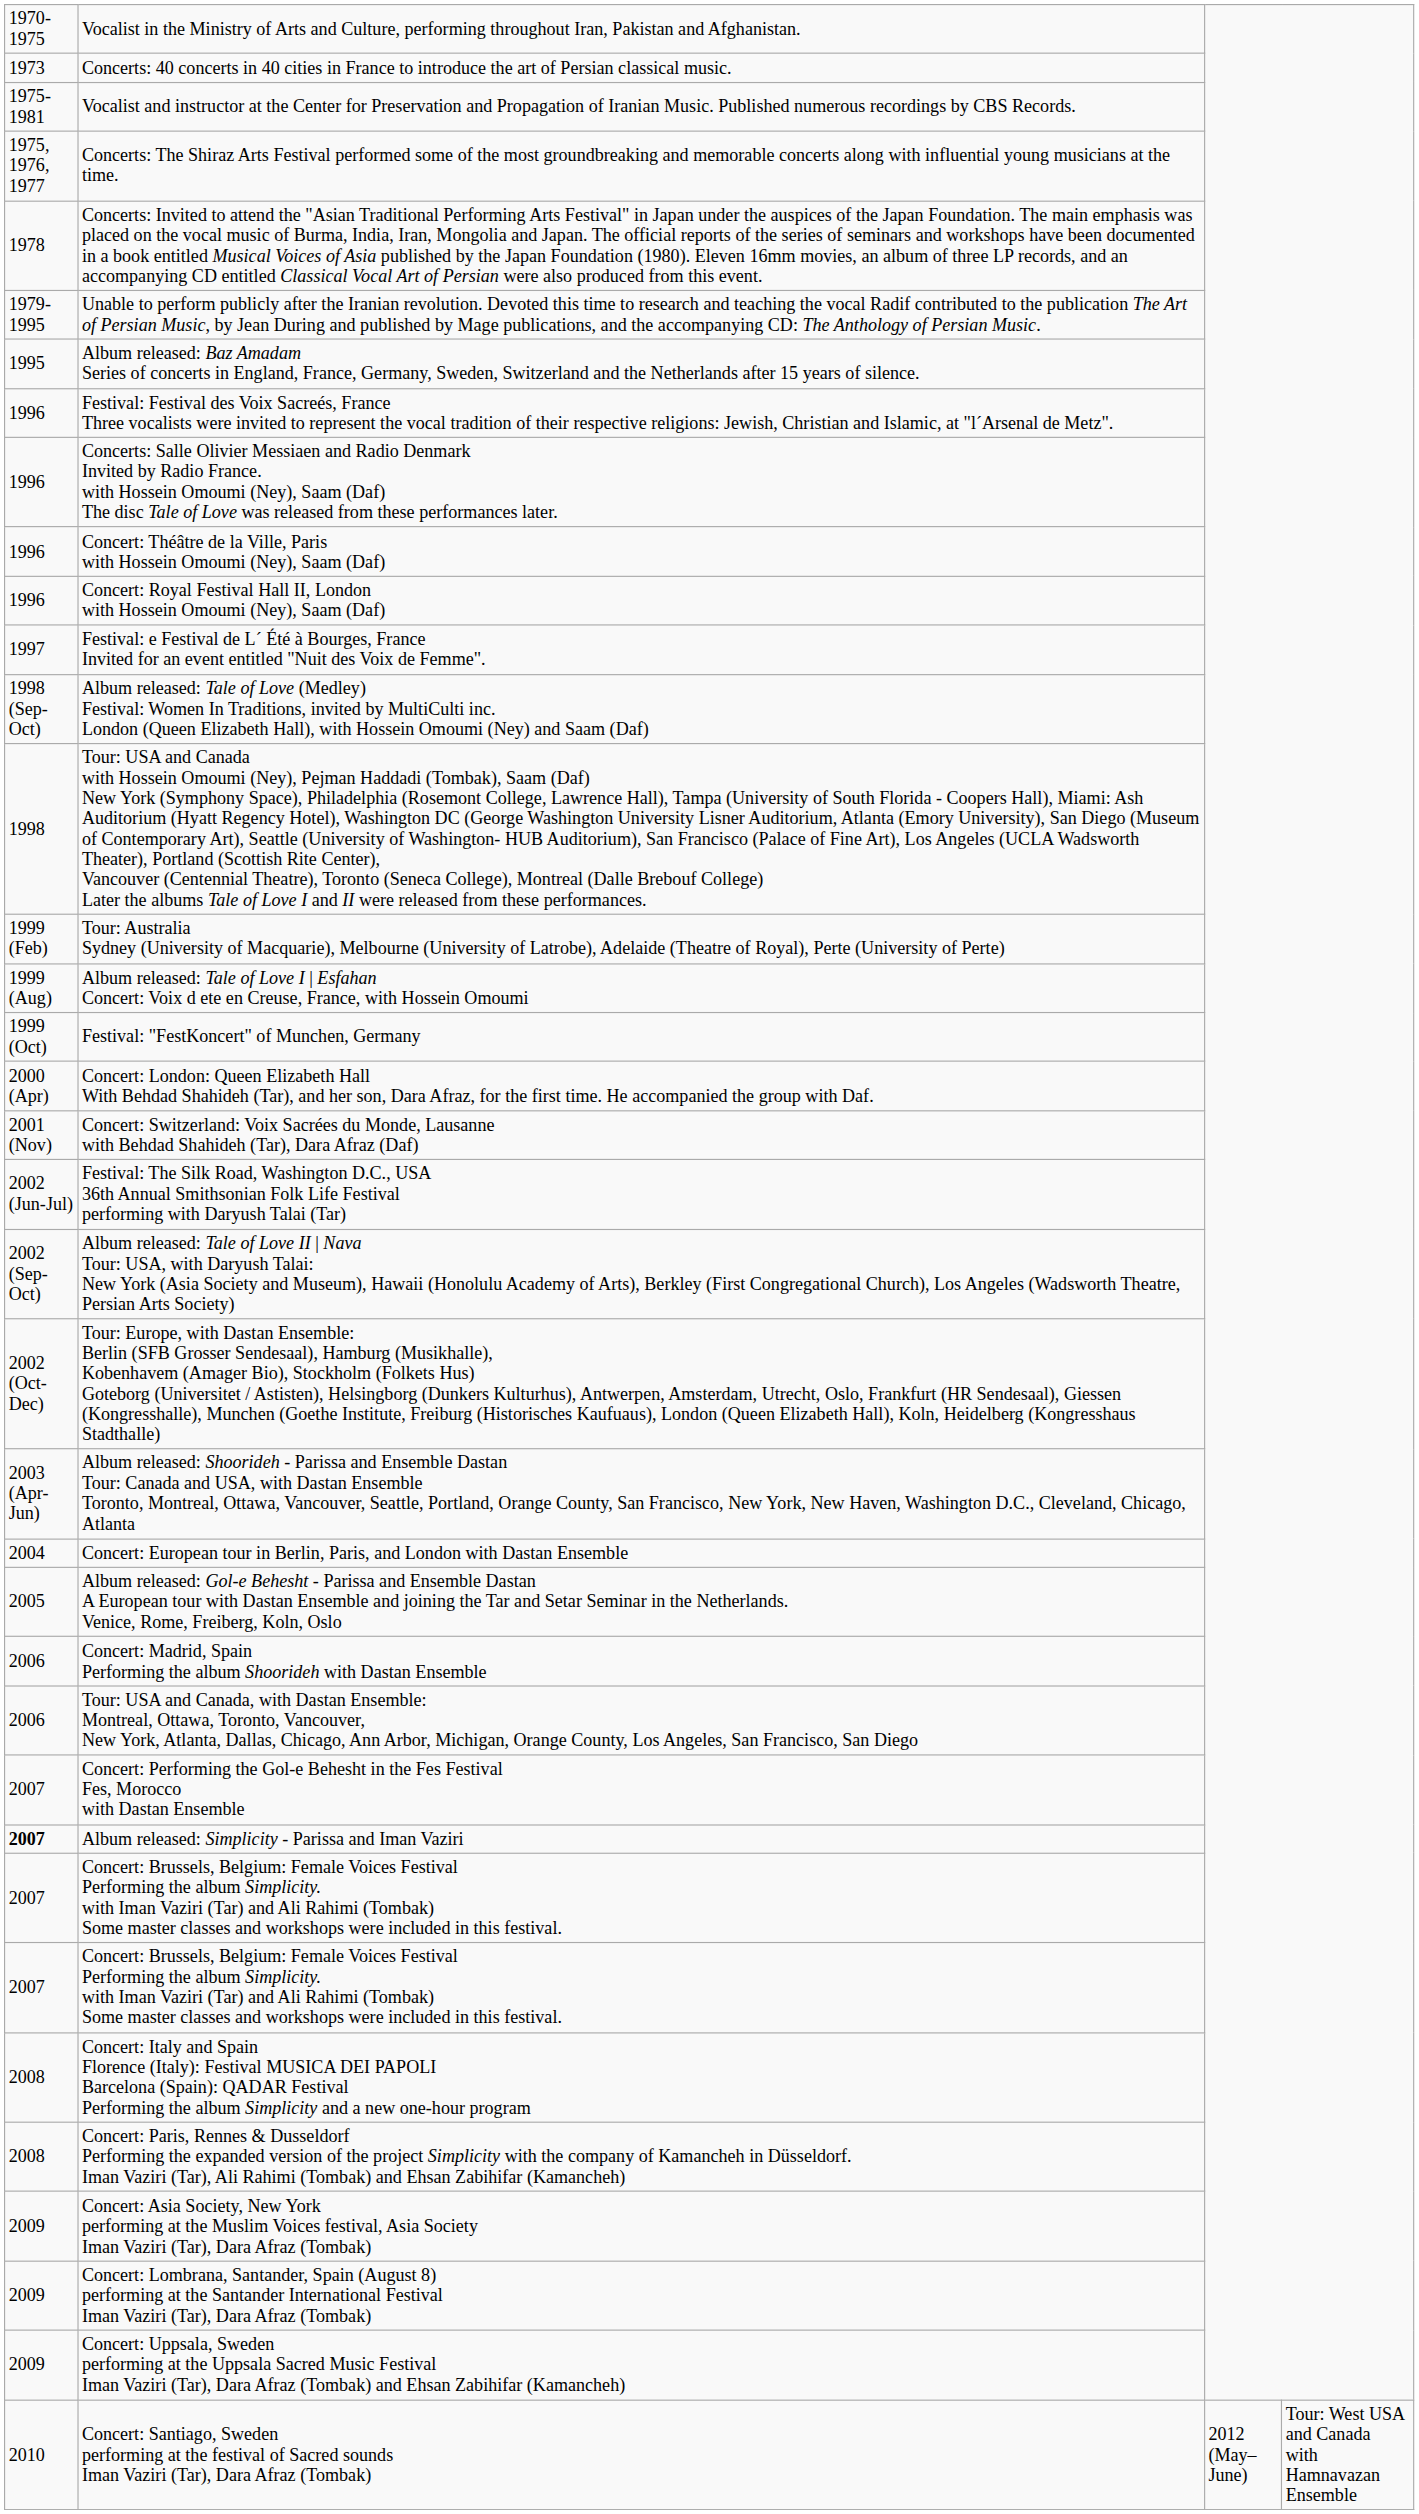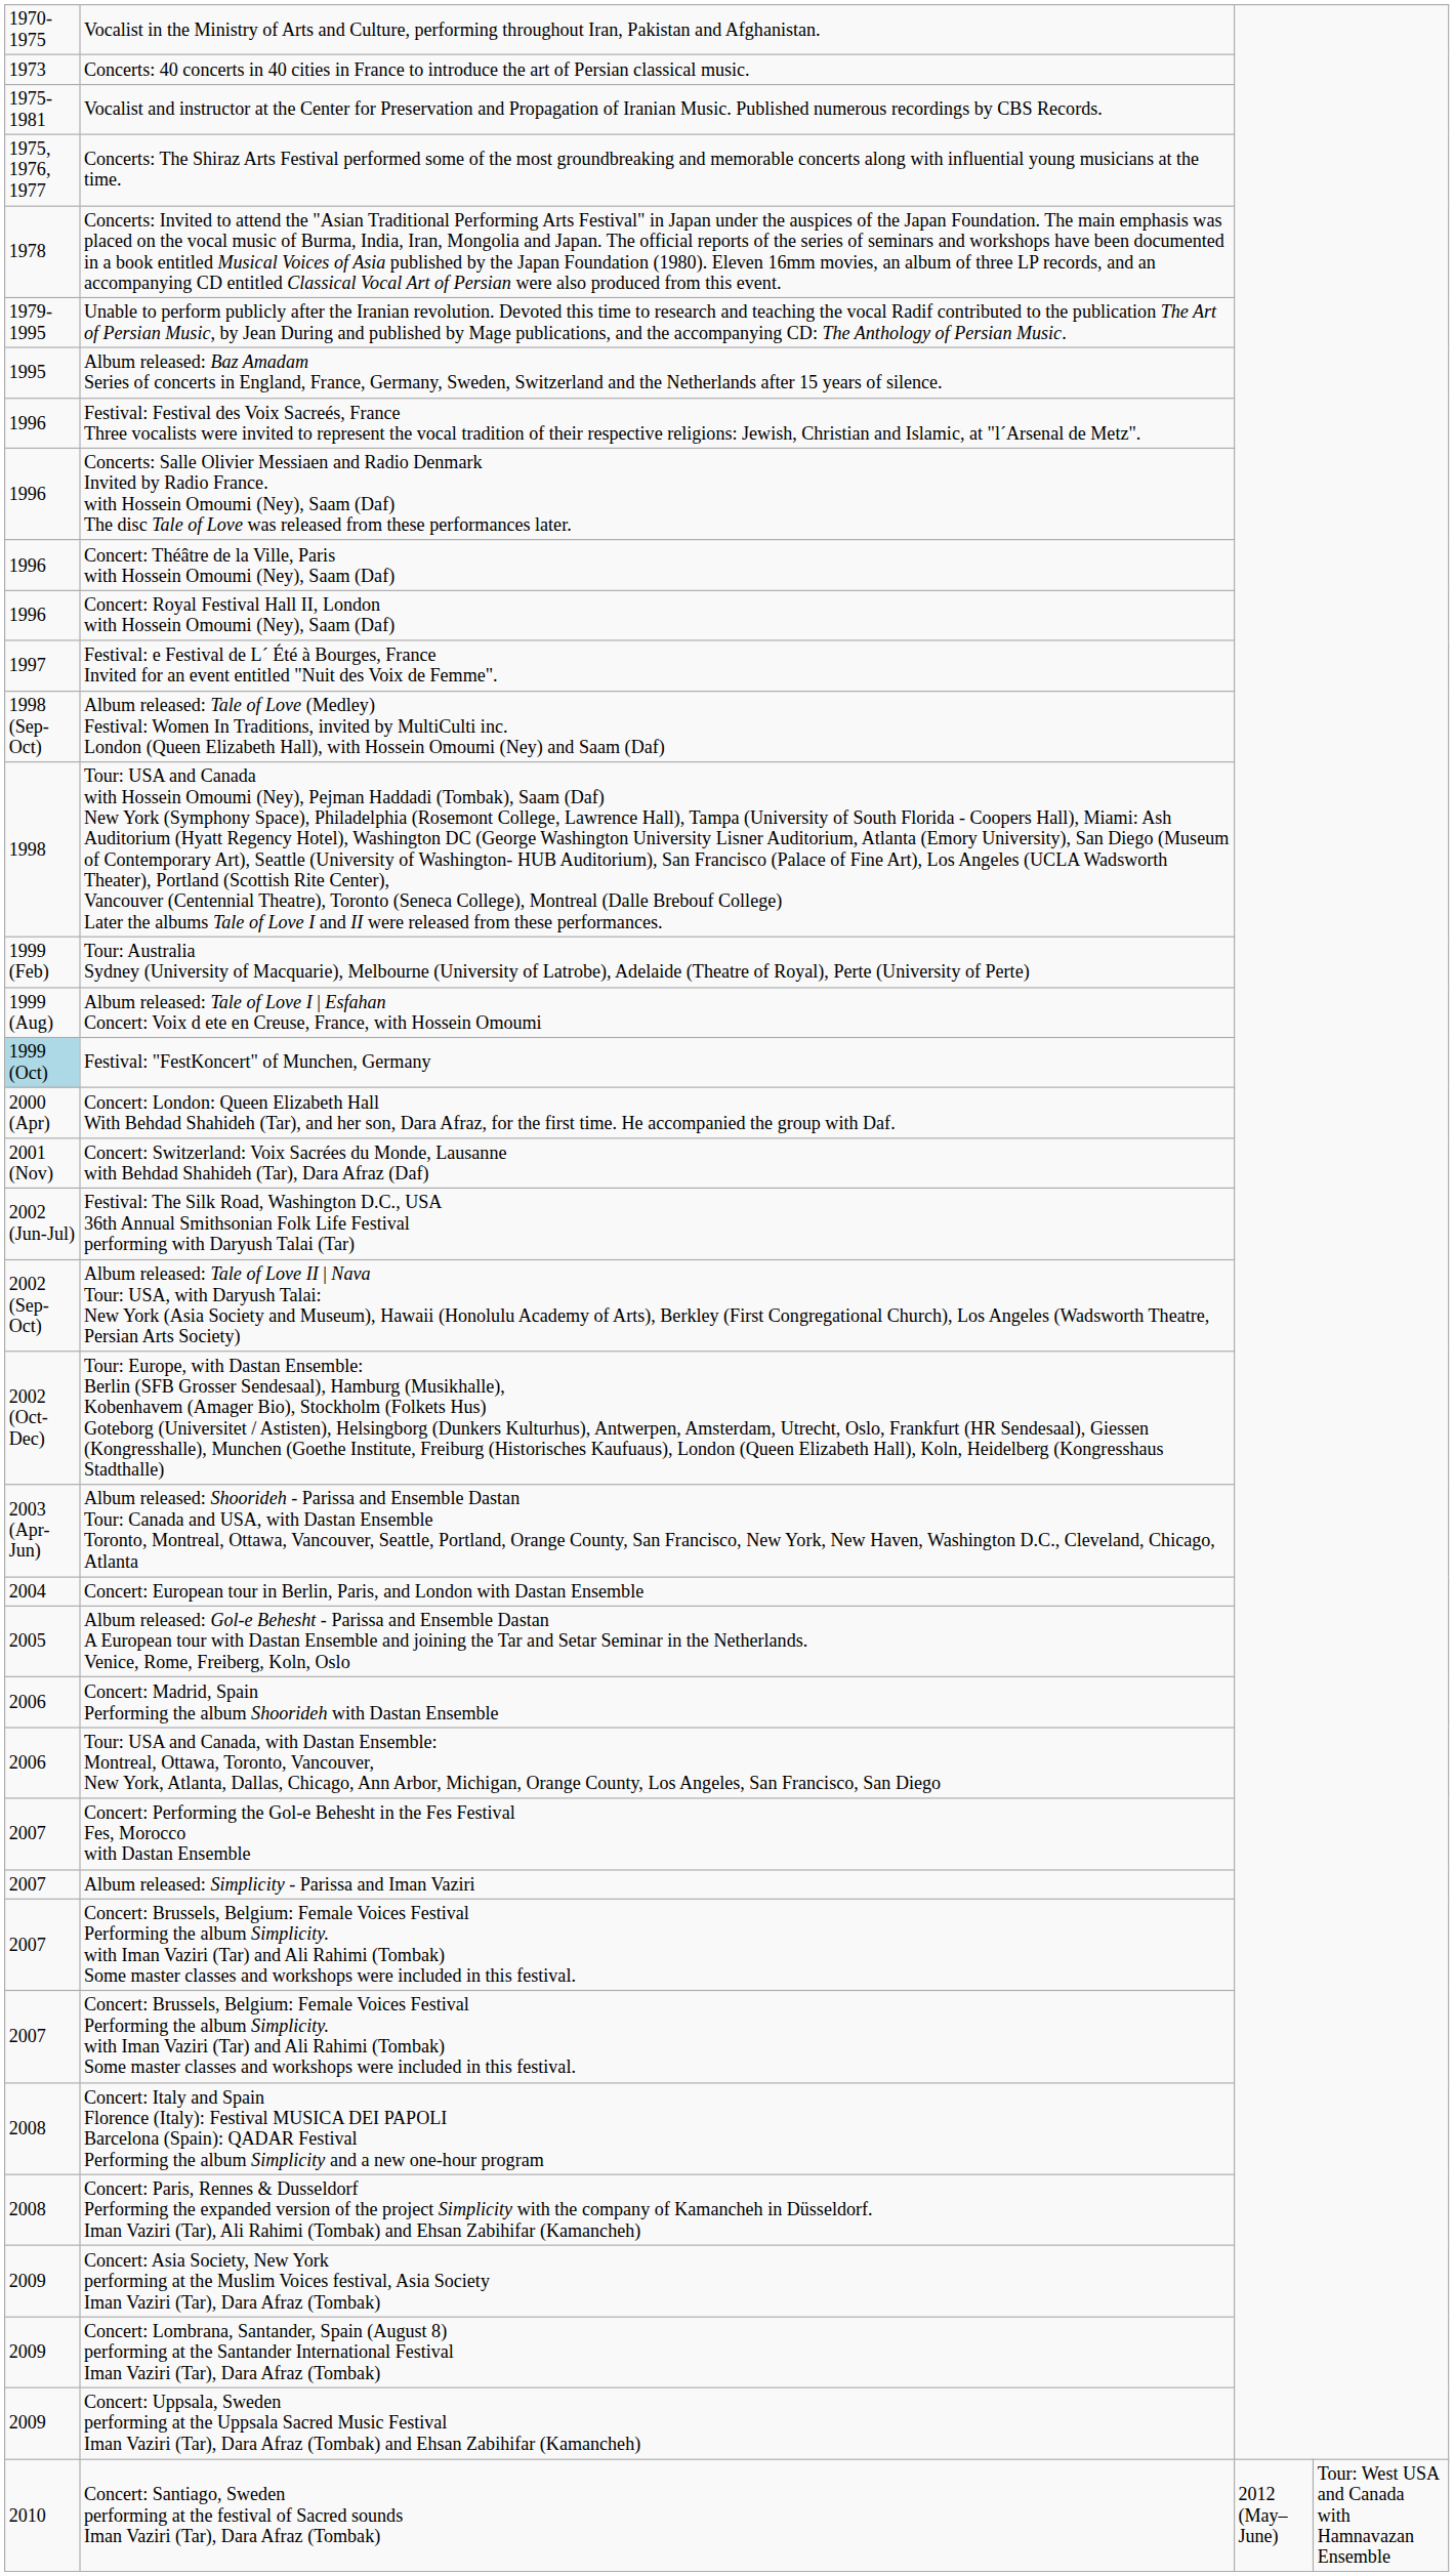 <table class="wikitable sortable mw-collapsible">
 <tr>
 <td>1970-1975</td>
 <td colspan="2">Vocalist in the Ministry of Arts and Culture, performing throughout Iran, Pakistan and Afghanistan.</td>
 </tr>
 <tr>
 <td>1973</td>
 <td colspan="2">Concerts: 40 concerts in 40 cities in France to introduce the art of Persian classical music.</td>
 </tr>
 <tr>
 <td>1975-1981</td>
 <td colspan="2">Vocalist and instructor at the Center for Preservation and Propagation of Iranian Music. Published numerous recordings by CBS Records.</td>
 </tr>
 <tr>
 <td>1975, 1976, 1977</td>
 <td colspan="2">Concerts:  The Shiraz Arts Festival performed some of the most groundbreaking and memorable concerts along with influential young musicians at the time.</td>
 </tr>
 <tr>
 <td>1978</td>
 <td colspan="2">Concerts:  Invited to attend the "Asian Traditional Performing Arts Festival" in Japan under the auspices of the Japan Foundation. The main emphasis was placed on the vocal music of Burma, India, Iran, Mongolia and Japan. The official reports of the series of seminars and workshops have been documented in a book entitled <em>Musical Voices of Asia</em> published by the Japan Foundation (1980). Eleven 16mm movies, an album of three LP records, and an accompanying CD entitled <em>Classical Vocal Art of Persian</em> were also produced from this event.</td>
 </tr>
 <tr>
 <td>1979-1995</td>
 <td colspan="2">Unable to perform publicly after the Iranian revolution. Devoted this time to research and teaching the vocal Radif contributed to the publication <em>The Art of Persian Music</em>, by Jean During and published by Mage publications, and the accompanying CD: <em>The Anthology of Persian Music</em>.</td>
 </tr>
 <tr>
 <td>1995</td>
 <td colspan="2">Album released: <em>Baz Amadam</em><br>Series of concerts in England, France, Germany, Sweden, Switzerland and the Netherlands after 15 years of silence.</td>
 </tr>
 <tr>
 <td>1996</td>
 <td colspan="2">Festival: Festival des Voix Sacreés, France<br>Three vocalists were invited to represent the vocal tradition of their respective religions: Jewish, Christian and Islamic, at "l´Arsenal de Metz".</td>
 </tr>
 <tr>
 <td>1996</td>
 <td colspan="2">Concerts:  Salle Olivier Messiaen and Radio Denmark<br>Invited by Radio France.<br>with Hossein Omoumi (Ney), Saam (Daf)<br>The disc <em>Tale of Love</em> was released from these performances later.</td>
 </tr>
 <tr>
 <td>1996</td>
 <td colspan="2">Concert: Théâtre de la Ville, Paris<br>with Hossein Omoumi (Ney), Saam (Daf)</td>
 </tr>
 <tr>
 <td>1996</td>
 <td colspan="2">Concert: Royal Festival Hall II, London<br>with Hossein Omoumi (Ney), Saam (Daf)</td>
 </tr>
 <tr>
 <td>1997</td>
 <td colspan="2">Festival: e Festival de L´ Été à Bourges, France<br>Invited for an event entitled "Nuit des Voix de Femme".</td>
 </tr>
 <tr>
 <td>1998 (Sep-Oct)</td>
 <td colspan="2">Album released: <em>Tale of Love</em> (Medley)<br>Festival: Women In Traditions, invited by MultiCulti inc.<br>London (Queen Elizabeth Hall), with Hossein Omoumi (Ney) and Saam (Daf)</td>
 </tr>
 <tr>
 <td>1998</td>
 <td colspan="2">Tour: USA and Canada<br>with Hossein Omoumi (Ney), Pejman Haddadi (Tombak), Saam (Daf)<br>New York (Symphony Space), Philadelphia (Rosemont College, Lawrence Hall), Tampa (University of South Florida - Coopers Hall), Miami: Ash Auditorium (Hyatt Regency Hotel), Washington DC (George Washington University Lisner Auditorium, Atlanta (Emory University), San Diego (Museum of Contemporary Art), Seattle (University of Washington- HUB Auditorium), San Francisco (Palace of Fine Art), Los Angeles (UCLA Wadsworth Theater), Portland (Scottish Rite Center),<br>Vancouver (Centennial Theatre), Toronto (Seneca College), Montreal (Dalle Brebouf College)<br>Later the albums <em>Tale of Love I</em> and <em>II</em> were released from these performances.</td>
 </tr>
 <tr>
 <td>1999 (Feb)</td>
 <td colspan="2">Tour: Australia<br>Sydney (University of Macquarie), Melbourne (University of Latrobe), Adelaide (Theatre of Royal), Perte (University of Perte)</td>
 </tr>
 <tr>
 <td>1999 (Aug)</td>
 <td colspan="2">Album released: <em>Tale of Love I</em>  | <em>Esfahan</em><br>Concert: Voix d ete en Creuse, France, with Hossein Omoumi</td>
 </tr>
 <tr>
-<td>1999 (Oct)</td>
+<td style="background: lightblue;">1999 (Oct)</td>
 <td colspan="2">Festival: "FestKoncert" of Munchen, Germany</td>
 </tr>
 <tr>
 <td>2000 (Apr)</td>
 <td colspan="2">Concert: London: Queen Elizabeth Hall<br>With Behdad Shahideh (Tar), and her son, Dara Afraz, for the first time. He accompanied the group with Daf.</td>
 </tr>
 <tr>
 <td>2001 (Nov)</td>
 <td colspan="2">Concert: Switzerland: Voix Sacrées du Monde, Lausanne <br>with Behdad Shahideh (Tar), Dara Afraz (Daf)</td>
 </tr>
 <tr>
 <td>2002 (Jun-Jul)</td>
 <td colspan="2">Festival: The Silk Road, Washington D.C., USA<br>36th Annual Smithsonian Folk Life Festival<br>performing with Daryush Talai (Tar)</td>
 </tr>
 <tr>
 <td>2002 (Sep-Oct)</td>
 <td colspan="2">Album released: <em>Tale of Love II</em> |  <em>Nava</em><br>Tour: USA, with Daryush Talai:<br>New York (Asia Society and Museum), Hawaii (Honolulu Academy of Arts), Berkley (First Congregational Church), Los Angeles (Wadsworth Theatre, Persian Arts Society)</td>
 </tr>
 <tr>
 <td>2002 (Oct-Dec)</td>
 <td colspan="2">Tour: Europe, with Dastan Ensemble:<br>Berlin (SFB Grosser Sendesaal), Hamburg (Musikhalle),<br>Kobenhavem (Amager Bio), Stockholm (Folkets Hus)<br>Goteborg (Universitet / Astisten), Helsingborg (Dunkers Kulturhus), Antwerpen, Amsterdam, Utrecht, Oslo, Frankfurt (HR Sendesaal), Giessen (Kongresshalle), Munchen (Goethe Institute, Freiburg (Historisches Kaufuaus), London (Queen Elizabeth Hall), Koln, Heidelberg (Kongresshaus Stadthalle)</td>
 </tr>
 <tr>
 <td>2003 (Apr-Jun)</td>
 <td colspan="2">Album released: <em>Shoorideh</em> - Parissa and Ensemble Dastan<br>Tour: Canada and USA, with Dastan Ensemble<br>Toronto, Montreal, Ottawa, Vancouver, Seattle, Portland, Orange County, San Francisco, New York, New Haven, Washington D.C., Cleveland, Chicago, Atlanta</td>
 </tr>
 <tr>
 <td>2004</td>
 <td colspan="2">Concert: European tour in Berlin, Paris, and London with Dastan Ensemble</td>
 </tr>
 <tr>
 <td>2005</td>
 <td colspan="2">Album released: <em>Gol-e Behesht</em> - Parissa and Ensemble Dastan<br>A European tour with Dastan Ensemble and joining the Tar and Setar Seminar in the Netherlands.<br>Venice, Rome, Freiberg, Koln, Oslo</td>
 </tr>
 <tr>
 <td>2006</td>
 <td colspan="2">Concert: Madrid, Spain<br>Performing the album <em>Shoorideh</em> with Dastan Ensemble</td>
 </tr>
 <tr>
 <td>2006</td>
 <td colspan="2">Tour: USA and Canada, with Dastan Ensemble:<br>Montreal, Ottawa, Toronto, Vancouver,<br>New York, Atlanta, Dallas, Chicago, Ann Arbor, Michigan, Orange County, Los Angeles, San Francisco, San Diego</td>
 </tr>
 <tr>
 <td>2007</td>
 <td colspan="2">Concert: Performing the Gol-e Behesht in the Fes Festival<br>Fes, Morocco<br>with Dastan Ensemble</td>
 </tr>
 <tr>
-<td><strong>2007</strong></td>
+<td>2007</td>
 <td colspan="2">Album released: <em>Simplicity</em> - Parissa and Iman Vaziri</td>
 </tr>
 <tr>
 <td>2007</td>
 <td colspan="2">Concert: Brussels, Belgium: Female Voices Festival<br>Performing the album <em>Simplicity.</em><br>with Iman Vaziri (Tar) and Ali Rahimi (Tombak)<br>Some master classes and workshops were included in this festival.</td>
 </tr>
 <tr>
 <td>2007</td>
 <td colspan="2">Concert: Brussels, Belgium: Female Voices Festival<br>Performing the album <em>Simplicity.</em><br>with Iman Vaziri (Tar) and Ali Rahimi (Tombak)<br>Some master classes and workshops were included in this festival.</td>
 </tr>
 <tr>
 <td>2008</td>
 <td colspan="2">Concert: Italy and Spain<br>Florence (Italy): Festival MUSICA DEI PAPOLI<br>Barcelona (Spain): QADAR Festival<br>Performing the album <em>Simplicity</em> and a new one-hour program</td>
 </tr>
 <tr>
 <td>2008</td>
 <td colspan="2">Concert: Paris, Rennes & Dusseldorf<br>Performing the expanded version of the project <em>Simplicity</em> with the company of Kamancheh in Düsseldorf.<br>Iman Vaziri (Tar), Ali Rahimi (Tombak) and Ehsan Zabihifar (Kamancheh)</td>
 </tr>
 <tr>
 <td>2009</td>
 <td colspan="2">Concert: Asia Society, New York<br>performing at the Muslim Voices festival, Asia Society<br>Iman Vaziri (Tar), Dara Afraz (Tombak)</td>
 </tr>
 <tr>
 <td>2009</td>
 <td colspan="2">Concert: Lombrana, Santander, Spain (August 8)<br>performing at the Santander International Festival<br>Iman Vaziri (Tar), Dara Afraz (Tombak)</td>
 </tr>
 <tr>
 <td>2009</td>
 <td colspan="2">Concert: Uppsala, Sweden<br>performing at the Uppsala Sacred Music Festival<br>Iman Vaziri (Tar), Dara Afraz (Tombak) and Ehsan Zabihifar (Kamancheh)</td>
 </tr>
 <tr>
 <td>2010</td>
 <td colspan="2">Concert: Santiago, Sweden<br>performing at the festival of Sacred sounds<br>Iman Vaziri (Tar), Dara Afraz (Tombak)</td>
 <td>2012 (May–June)</td>
 <td colspan="2">Tour: West USA and Canada<br>with Hamnavazan Ensemble</td>
 </tr>
 <tr>
 </tr>
 </table>
